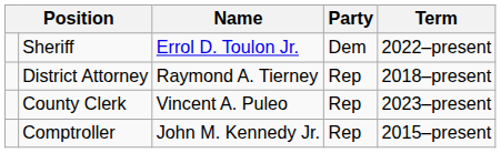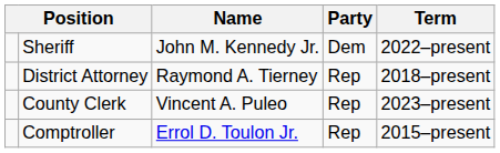 <table class=wikitable>
 <tr>
 <th colspan=2 align=center valign=bottom>Position</th>
 <th style="text-align:center;">Name</th>
 <th valign=bottom>Party</th>
 <th valign=bottom>Term</th>
 </tr>
 <tr>
 <td style="background-color:"> </td>
 <td>Sheriff</td>
-<td><a href='#'>Errol D. Toulon Jr.</a></td>
+<td>John M. Kennedy Jr.</td>
 <td>Dem</td>
 <td>2022–present</td>
 </tr>
 <tr>
 <td style="background-color:"> </td>
 <td>District Attorney</td>
 <td>Raymond A. Tierney</td>
 <td>Rep</td>
 <td>2018–present</td>
 </tr>
 <tr>
 <td style="background-color:"> </td>
 <td>County Clerk</td>
 <td>Vincent A. Puleo</td>
 <td>Rep</td>
 <td>2023–present</td>
 </tr>
 <tr>
 <td style="background-color:"> </td>
 <td>Comptroller</td>
-<td>John M. Kennedy Jr.</td>
+<td><a href='#'>Errol D. Toulon Jr.</a></td>
 <td>Rep</td>
 <td>2015–present</td>
 </tr>
 </table>
